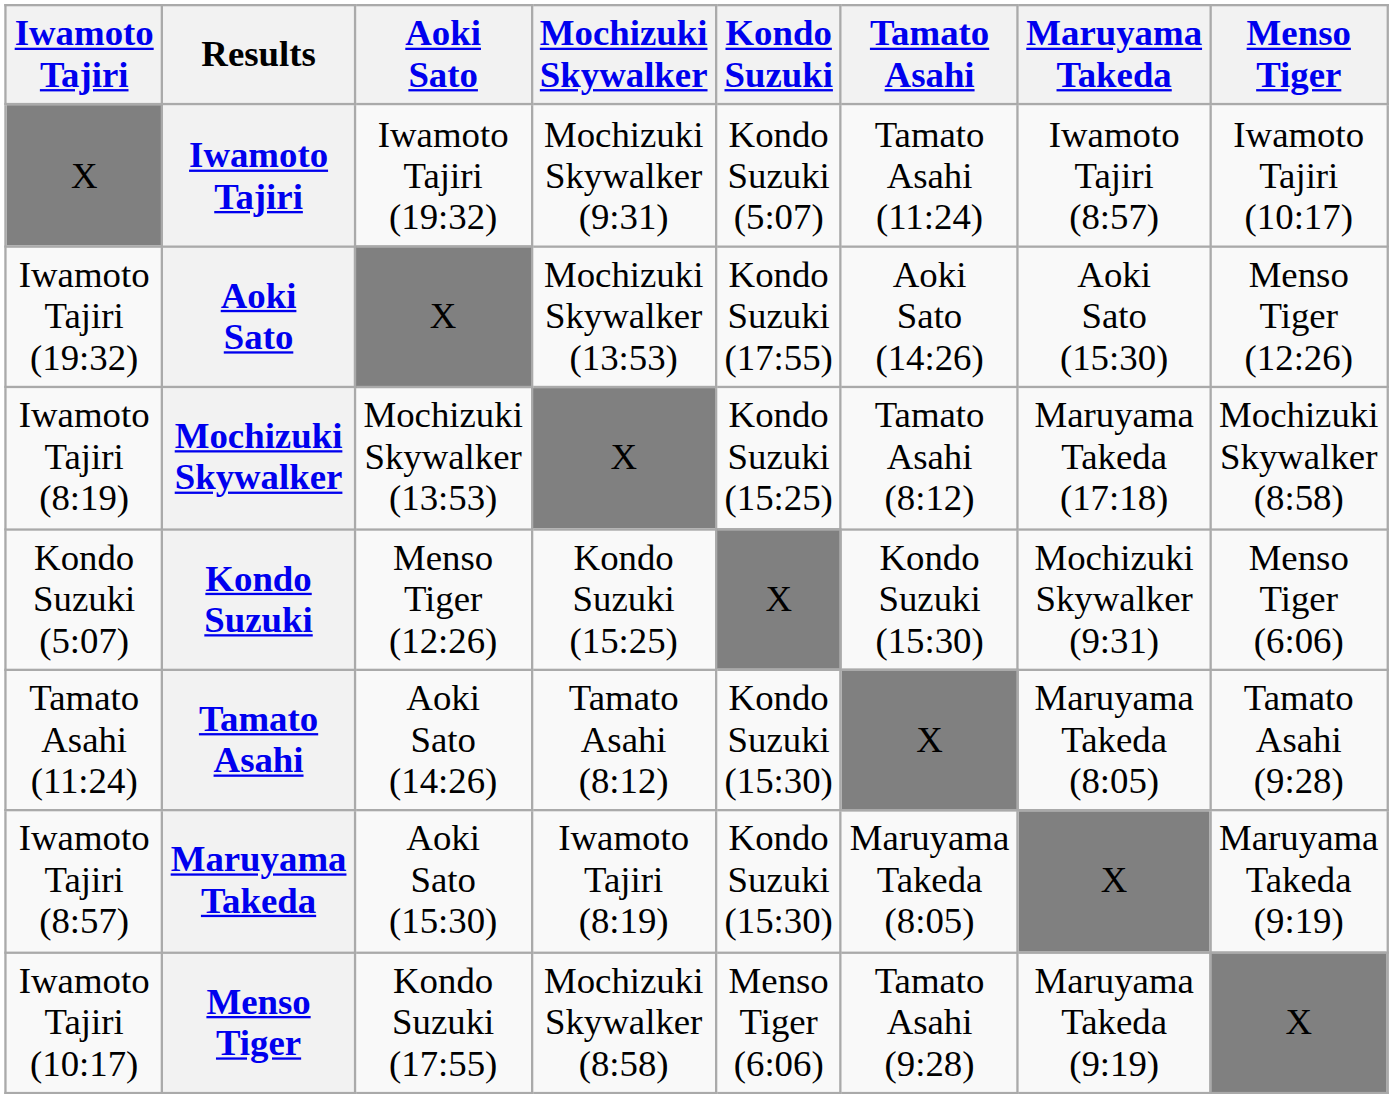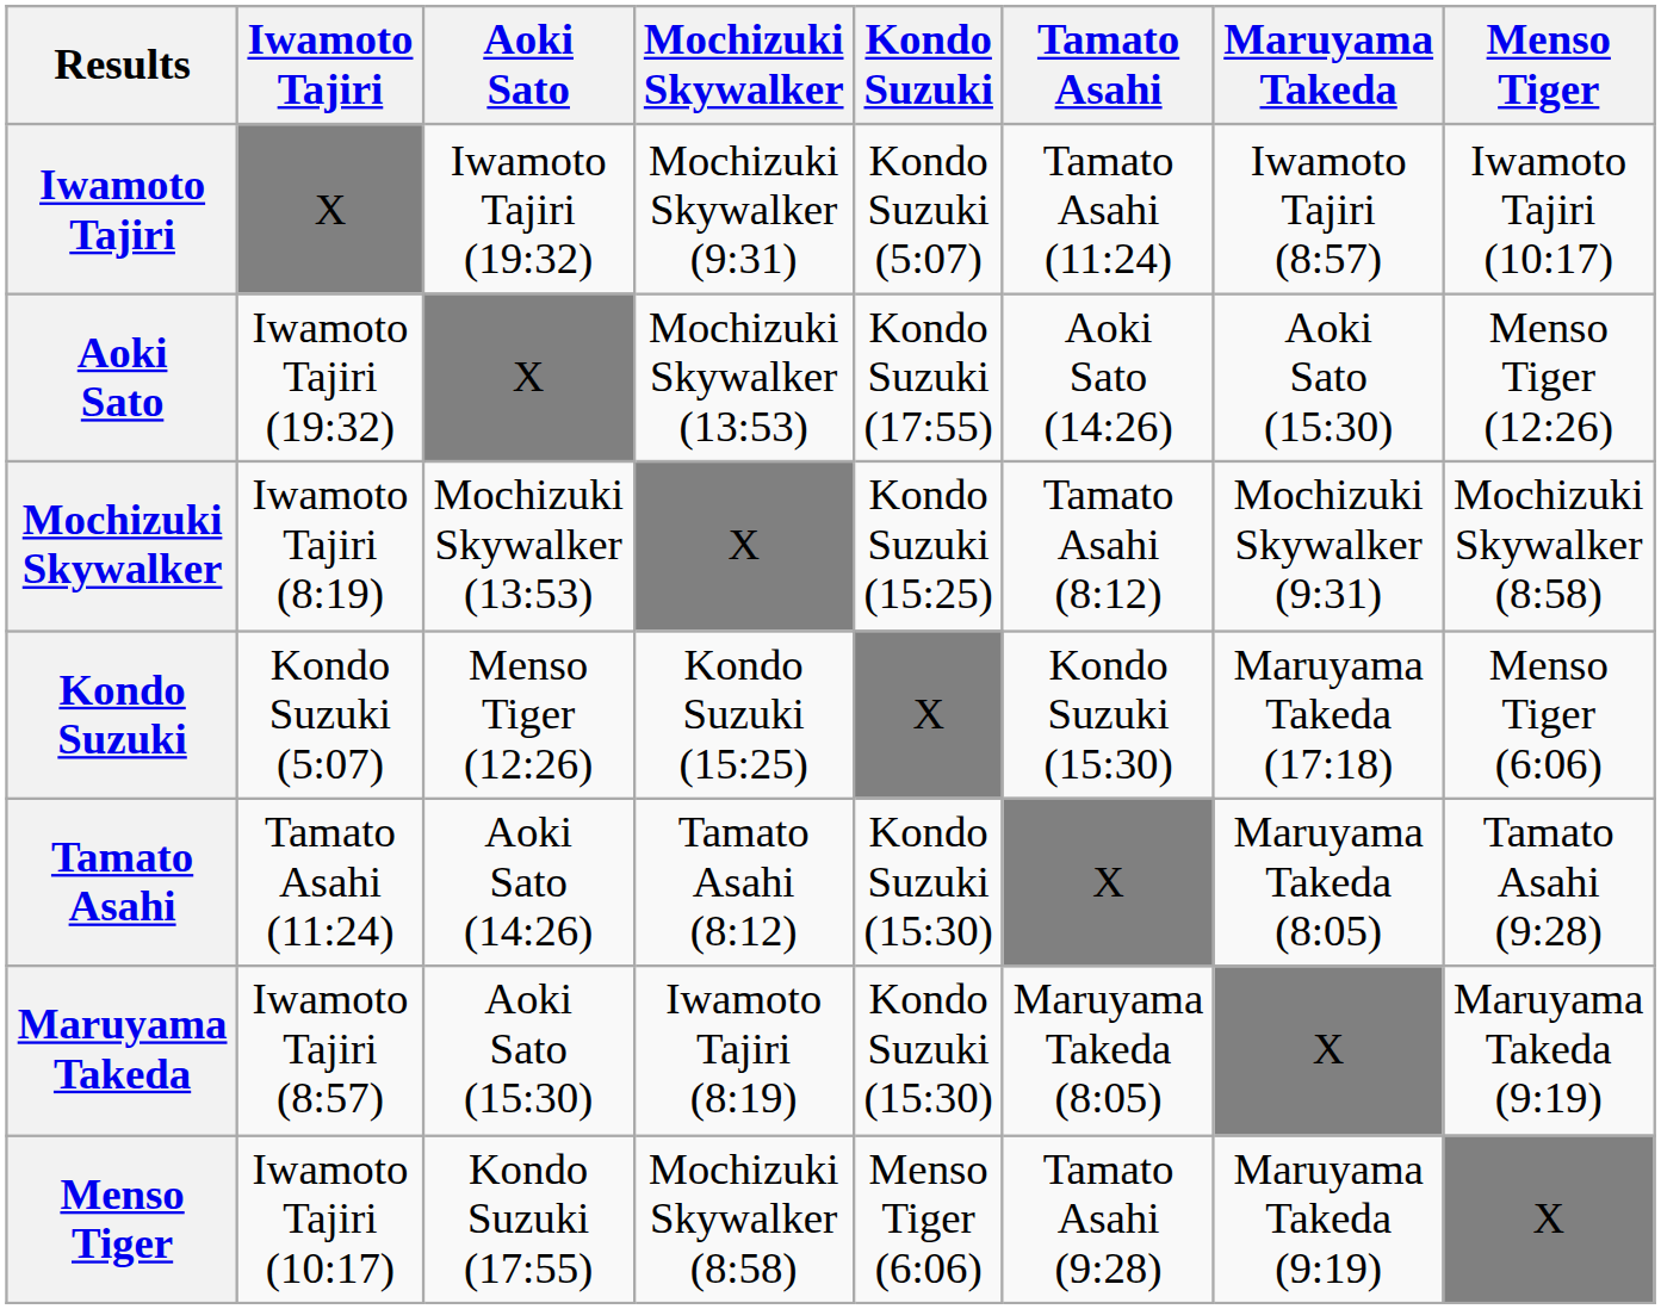 <table class="wikitable" style="text-align:center; margin: 1em auto 1em auto">
 <tr>
+<th>Results</th>
 <th><a href='#'>Iwamoto</a><br><a href='#'>Tajiri</a></th>
-<th>Results</th>
 <th><a href='#'>Aoki</a><br><a href='#'>Sato</a></th>
 <th><a href='#'>Mochizuki</a><br><a href='#'>Skywalker</a></th>
 <th><a href='#'>Kondo</a><br><a href='#'>Suzuki</a></th>
 <th><a href='#'>Tamato</a><br><a href='#'>Asahi</a></th>
 <th><a href='#'>Maruyama</a><br><a href='#'>Takeda</a></th>
 <th><a href='#'>Menso</a><br><a href='#'>Tiger</a></th>
 </tr>
 <tr>
+<th><a href='#'>Iwamoto</a><br><a href='#'>Tajiri</a></th>
 <td bgcolor=grey>X</td>
-<th><a href='#'>Iwamoto</a><br><a href='#'>Tajiri</a></th>
 <td>Iwamoto<br>Tajiri<br>(19:32)</td>
 <td>Mochizuki<br>Skywalker<br>(9:31)</td>
 <td>Kondo<br>Suzuki<br>(5:07)</td>
 <td>Tamato<br>Asahi<br>(11:24)</td>
 <td>Iwamoto<br>Tajiri<br>(8:57)</td>
 <td>Iwamoto<br>Tajiri<br>(10:17)</td>
 </tr>
 <tr>
+<th><a href='#'>Aoki</a><br><a href='#'>Sato</a></th>
 <td>Iwamoto<br>Tajiri<br>(19:32)</td>
-<th><a href='#'>Aoki</a><br><a href='#'>Sato</a></th>
 <td bgcolor=grey>X</td>
 <td>Mochizuki<br>Skywalker<br>(13:53)</td>
 <td>Kondo<br>Suzuki<br>(17:55)</td>
 <td>Aoki<br>Sato<br>(14:26)</td>
 <td>Aoki<br>Sato<br>(15:30)</td>
 <td>Menso<br>Tiger<br>(12:26)</td>
 </tr>
 <tr>
+<th><a href='#'>Mochizuki</a><br><a href='#'>Skywalker</a></th>
 <td>Iwamoto<br>Tajiri<br>(8:19)</td>
-<th><a href='#'>Mochizuki</a><br><a href='#'>Skywalker</a></th>
 <td>Mochizuki<br>Skywalker<br>(13:53)</td>
 <td bgcolor=grey>X</td>
 <td>Kondo<br>Suzuki<br>(15:25)</td>
 <td>Tamato<br>Asahi<br>(8:12)</td>
-<td>Maruyama<br>Takeda<br>(17:18)</td>
+<td>Mochizuki<br>Skywalker<br>(9:31)</td>
 <td>Mochizuki<br>Skywalker<br>(8:58)</td>
 </tr>
 <tr>
+<th><a href='#'>Kondo</a><br><a href='#'>Suzuki</a></th>
 <td>Kondo<br>Suzuki<br>(5:07)</td>
-<th><a href='#'>Kondo</a><br><a href='#'>Suzuki</a></th>
 <td>Menso<br>Tiger<br>(12:26)</td>
 <td>Kondo<br>Suzuki<br>(15:25)</td>
 <td bgcolor=grey>X</td>
 <td>Kondo<br>Suzuki<br>(15:30)</td>
-<td>Mochizuki<br>Skywalker<br>(9:31)</td>
+<td>Maruyama<br>Takeda<br>(17:18)</td>
 <td>Menso<br>Tiger<br>(6:06)</td>
 </tr>
 <tr>
+<th><a href='#'>Tamato</a><br><a href='#'>Asahi</a></th>
 <td>Tamato<br>Asahi<br>(11:24)</td>
-<th><a href='#'>Tamato</a><br><a href='#'>Asahi</a></th>
 <td>Aoki<br>Sato<br>(14:26)</td>
 <td>Tamato<br>Asahi<br>(8:12)</td>
 <td>Kondo<br>Suzuki<br>(15:30)</td>
 <td bgcolor=grey>X</td>
 <td>Maruyama<br>Takeda<br>(8:05)</td>
 <td>Tamato<br>Asahi<br>(9:28)</td>
 </tr>
 <tr>
+<th><a href='#'>Maruyama</a><br><a href='#'>Takeda</a></th>
 <td>Iwamoto<br>Tajiri<br>(8:57)</td>
-<th><a href='#'>Maruyama</a><br><a href='#'>Takeda</a></th>
 <td>Aoki<br>Sato<br>(15:30)</td>
 <td>Iwamoto<br>Tajiri<br>(8:19)</td>
 <td>Kondo<br>Suzuki<br>(15:30)</td>
 <td>Maruyama<br>Takeda<br>(8:05)</td>
 <td bgcolor=grey>X</td>
 <td>Maruyama<br>Takeda<br>(9:19)</td>
 </tr>
 <tr>
+<th><a href='#'>Menso</a><br><a href='#'>Tiger</a></th>
 <td>Iwamoto<br>Tajiri<br>(10:17)</td>
-<th><a href='#'>Menso</a><br><a href='#'>Tiger</a></th>
 <td>Kondo<br>Suzuki<br>(17:55)</td>
 <td>Mochizuki<br>Skywalker<br>(8:58)</td>
 <td>Menso<br>Tiger<br>(6:06)</td>
 <td>Tamato<br>Asahi<br>(9:28)</td>
 <td>Maruyama<br>Takeda<br>(9:19)</td>
 <td bgcolor=grey>X</td>
 </tr>
 </table>
